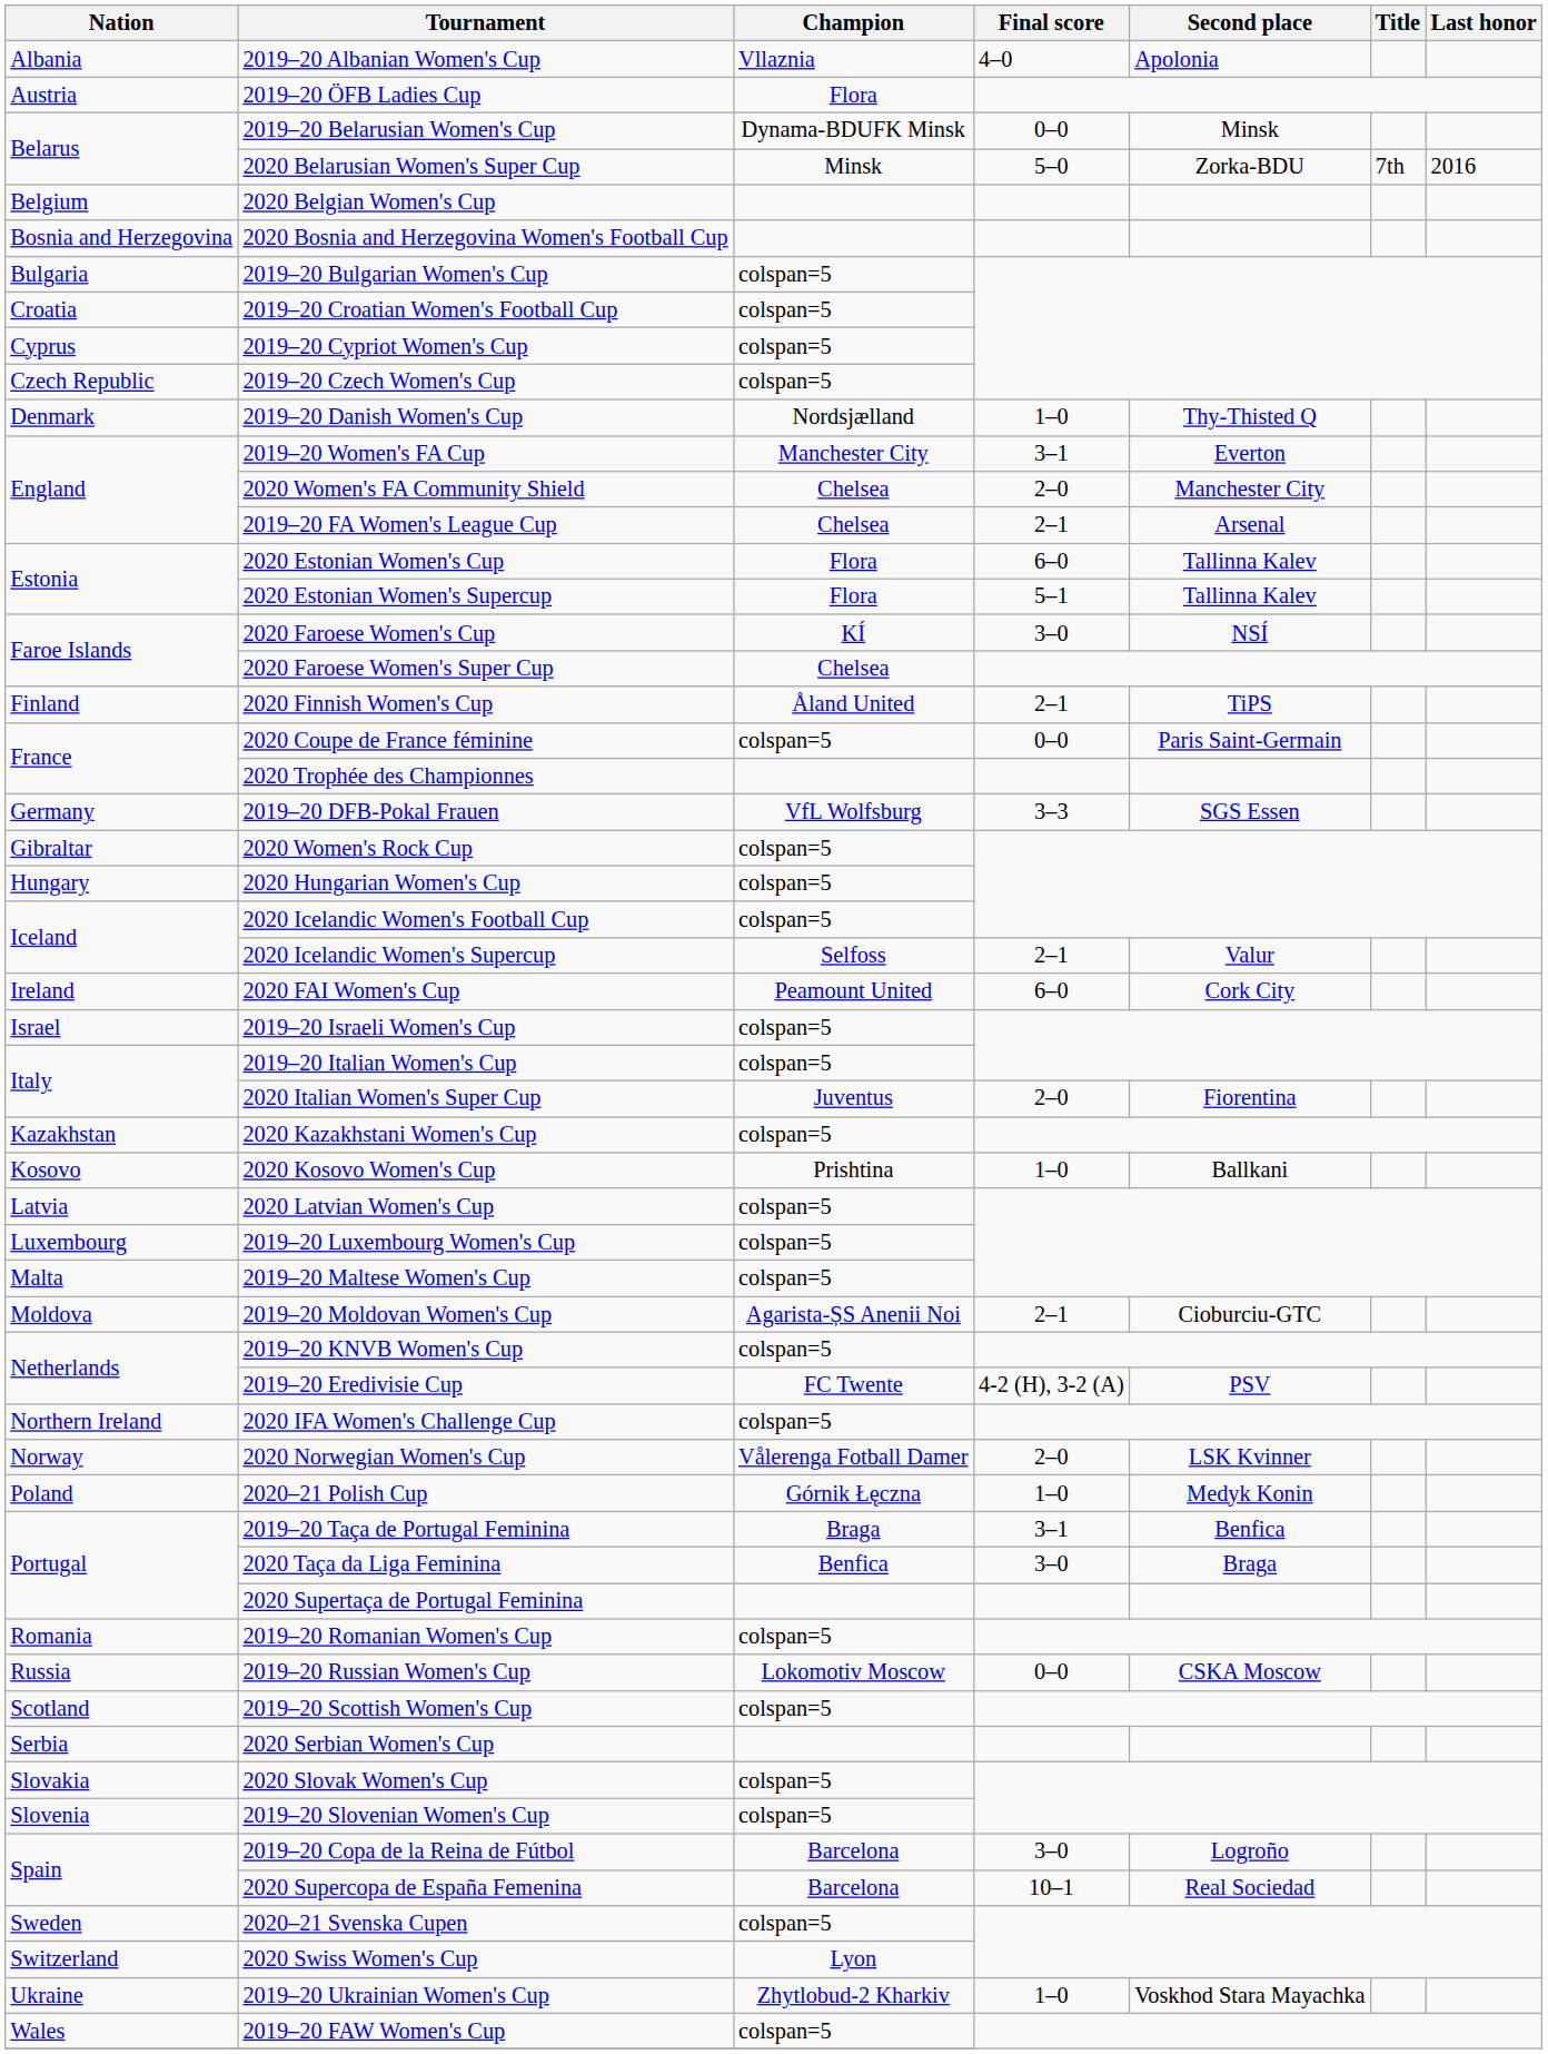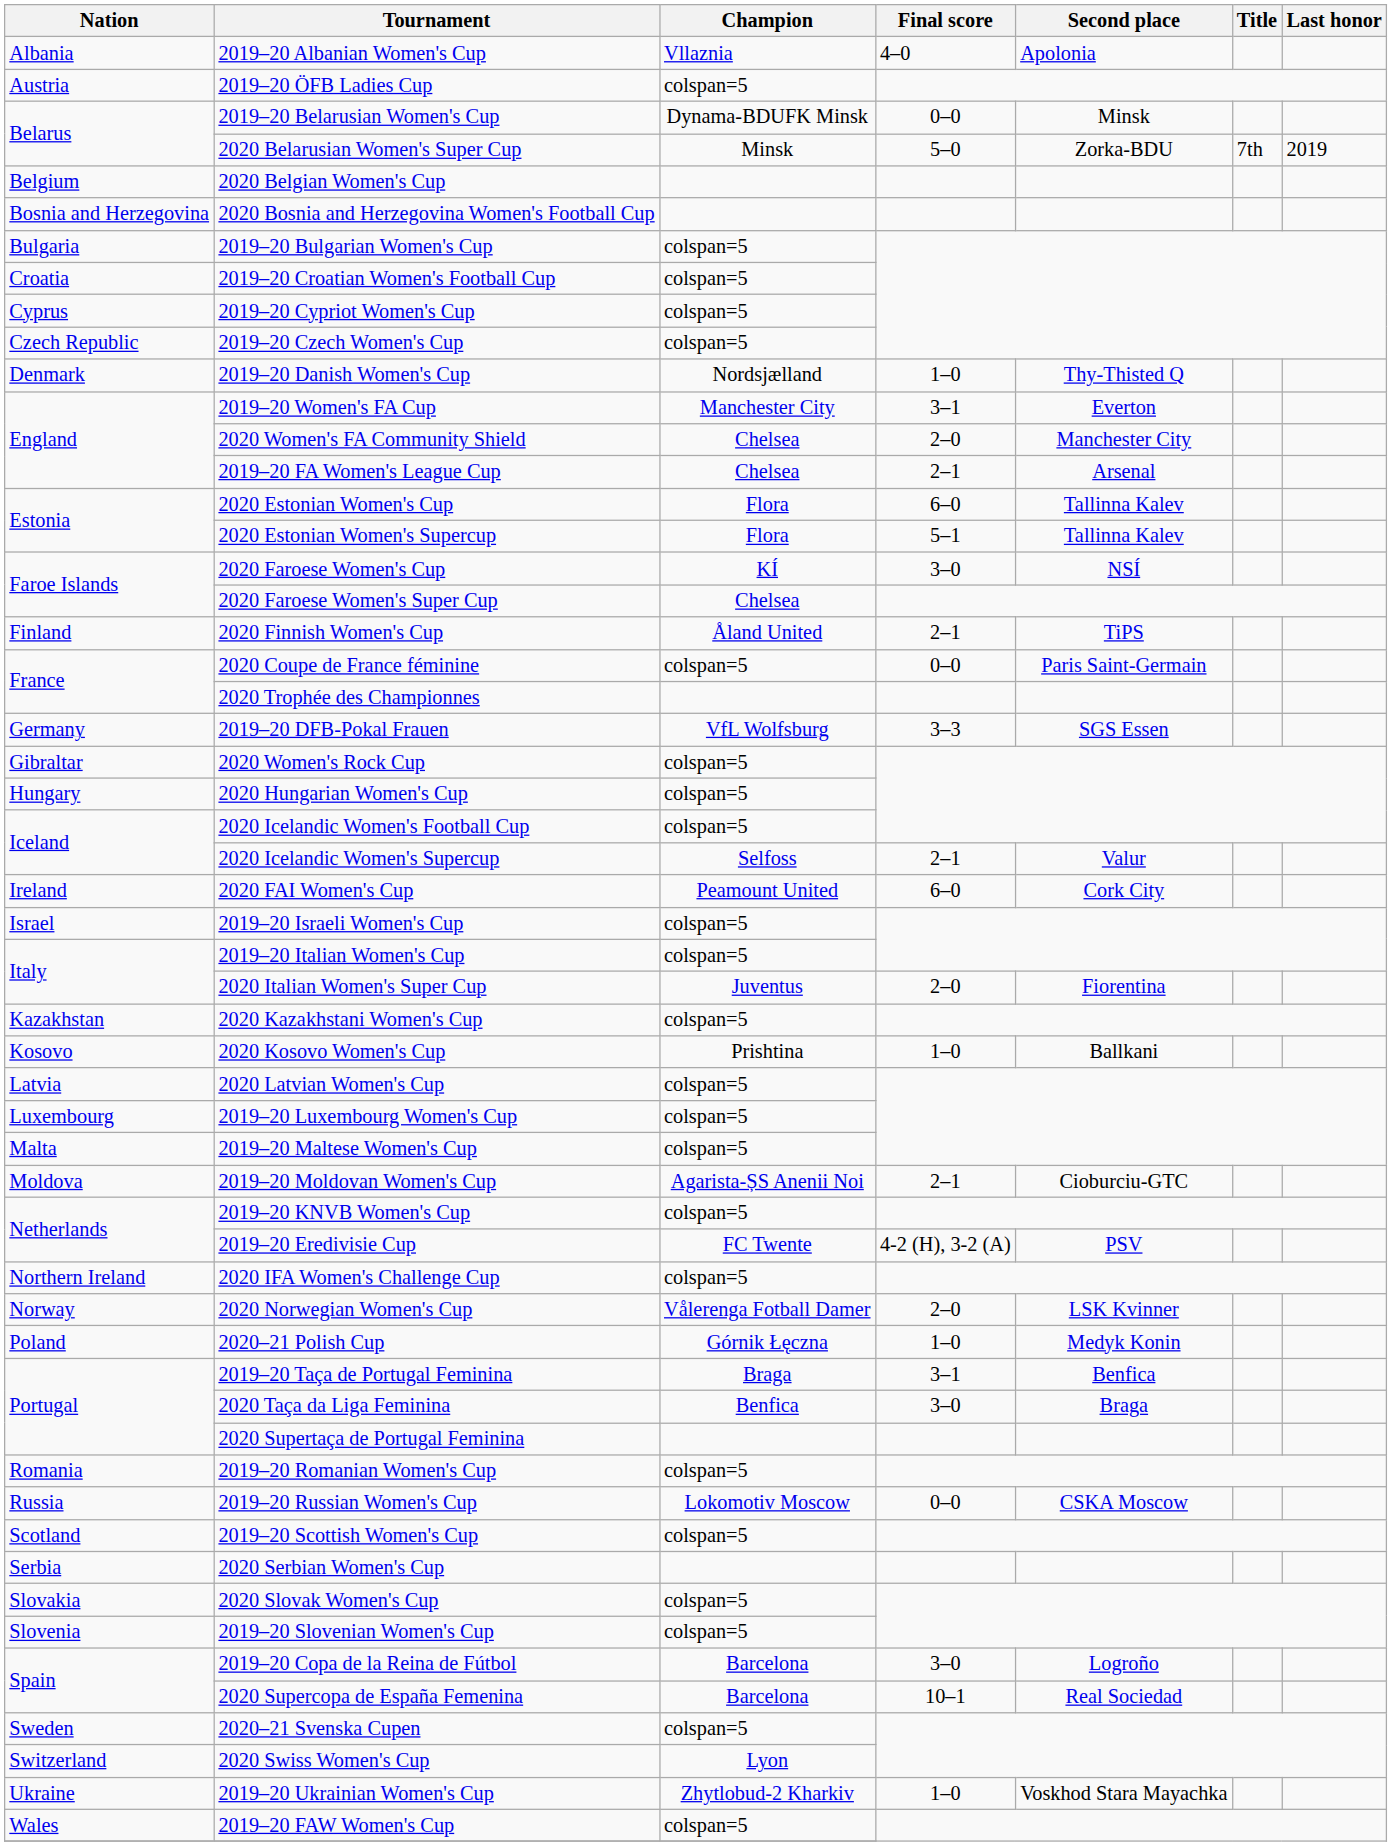 <table class="wikitable sortable">
 <tr>
 <th>Nation</th>
 <th>Tournament</th>
 <th>Champion</th>
 <th>Final score</th>
 <th>Second place</th>
 <th data-sort-type="number">Title</th>
 <th>Last honor</th>
 </tr>
 <tr>
 <td> <a href='#'>Albania</a></td>
 <td><a href='#'>2019–20 Albanian Women's Cup</a></td>
 <td><a href='#'>Vllaznia</a></td>
 <td>4–0</td>
 <td><a href='#'>Apolonia</a></td>
 <td></td>
 <td></td>
 </tr>
 <tr>
 <td> <a href='#'>Austria</a></td>
 <td><a href='#'>2019–20 ÖFB Ladies Cup</a></td>
-<td align=center><a href='#'>Flora</a></td>
+<td>colspan=5 </td>
 </tr>
 <tr>
 <td rowspan=2> <a href='#'>Belarus</a></td>
 <td><a href='#'>2019–20 Belarusian Women's Cup</a></td>
 <td align=center>Dynama-BDUFK Minsk</td>
 <td align=center>0–0  </td>
 <td align=center>Minsk</td>
 <td></td>
 <td></td>
 </tr>
 <tr>
 <td><a href='#'>2020 Belarusian Women's Super Cup</a></td>
 <td align=center>Minsk</td>
 <td align=center>5–0</td>
 <td align=center>Zorka-BDU</td>
 <td>7th</td>
-<td>2016</td>
+<td>2019</td>
 </tr>
 <tr>
 <td> <a href='#'>Belgium</a></td>
 <td><a href='#'>2020 Belgian Women's Cup</a></td>
 <td></td>
 <td></td>
 <td></td>
 <td></td>
 <td></td>
 </tr>
 <tr>
 <td> <a href='#'>Bosnia and Herzegovina</a></td>
 <td><a href='#'>2020 Bosnia and Herzegovina Women's Football Cup</a></td>
 <td></td>
 <td></td>
 <td></td>
 <td></td>
 <td></td>
 </tr>
 <tr>
 <td> <a href='#'>Bulgaria</a></td>
 <td><a href='#'>2019–20 Bulgarian Women's Cup</a></td>
 <td>colspan=5 </td>
 </tr>
 <tr>
 <td> <a href='#'>Croatia</a></td>
 <td><a href='#'>2019–20 Croatian Women's Football Cup</a></td>
 <td>colspan=5 </td>
 </tr>
 <tr>
 <td> <a href='#'>Cyprus</a></td>
 <td><a href='#'>2019–20 Cypriot Women's Cup</a></td>
 <td>colspan=5 </td>
 </tr>
 <tr>
 <td> <a href='#'>Czech Republic</a></td>
 <td><a href='#'>2019–20 Czech Women's Cup</a></td>
 <td>colspan=5 </td>
 </tr>
 <tr>
 <td> <a href='#'>Denmark</a></td>
 <td><a href='#'>2019–20 Danish Women's Cup</a></td>
 <td align=center>Nordsjælland</td>
 <td align=center>1–0</td>
 <td align=center><a href='#'>Thy-Thisted Q</a></td>
 <td></td>
 <td></td>
 </tr>
 <tr>
 <td rowspan=3> <a href='#'>England</a></td>
 <td><a href='#'>2019–20 Women's FA Cup</a></td>
 <td align=center><a href='#'>Manchester City</a></td>
 <td align=center>3–1</td>
 <td align=center><a href='#'>Everton</a></td>
 <td></td>
 <td></td>
 </tr>
 <tr>
 <td><a href='#'>2020 Women's FA Community Shield</a></td>
 <td align=center><a href='#'>Chelsea</a></td>
 <td align=center>2–0</td>
 <td align=center><a href='#'>Manchester City</a></td>
 <td></td>
 <td></td>
 </tr>
 <tr>
 <td><a href='#'>2019–20 FA Women's League Cup</a></td>
 <td align=center><a href='#'>Chelsea</a></td>
 <td align=center>2–1</td>
 <td align=center><a href='#'>Arsenal</a></td>
 <td></td>
 <td></td>
 </tr>
 <tr>
 <td rowspan=2> <a href='#'>Estonia</a></td>
 <td><a href='#'>2020 Estonian Women's Cup</a></td>
 <td align=center><a href='#'>Flora</a></td>
 <td align=center>6–0</td>
 <td align=center><a href='#'>Tallinna Kalev</a></td>
 <td></td>
 <td></td>
 </tr>
 <tr>
 <td><a href='#'>2020 Estonian Women's Supercup</a></td>
 <td align=center><a href='#'>Flora</a></td>
 <td align=center>5–1</td>
 <td align=center><a href='#'>Tallinna Kalev</a></td>
 <td></td>
 <td></td>
 </tr>
 <tr>
 <td rowspan=2> <a href='#'>Faroe Islands</a></td>
 <td><a href='#'>2020 Faroese Women's Cup</a></td>
 <td align=center><a href='#'>KÍ</a></td>
 <td align=center>3–0</td>
 <td align=center><a href='#'>NSÍ</a></td>
 <td></td>
 <td></td>
 </tr>
 <tr>
 <td><a href='#'>2020 Faroese Women's Super Cup</a></td>
 <td align=center><a href='#'>Chelsea</a></td>
 </tr>
 <tr>
 <td> <a href='#'>Finland</a></td>
 <td><a href='#'>2020 Finnish Women's Cup</a></td>
 <td align=center><a href='#'>Åland United</a></td>
 <td align=center>2–1</td>
 <td align=center><a href='#'>TiPS</a></td>
 <td></td>
 <td></td>
 </tr>
 <tr>
 <td rowspan=2> <a href='#'>France</a></td>
 <td><a href='#'>2020 Coupe de France féminine</a></td>
 <td>colspan=5 </td>
 <td align=center>0–0 </td>
 <td align=center><a href='#'>Paris Saint-Germain</a></td>
 <td></td>
 <td></td>
 </tr>
 <tr>
 <td><a href='#'>2020 Trophée des Championnes</a></td>
 <td></td>
 <td></td>
 <td></td>
 <td></td>
 <td></td>
 </tr>
 <tr>
 <td> <a href='#'>Germany</a></td>
 <td><a href='#'>2019–20 DFB-Pokal Frauen</a></td>
 <td align=center><a href='#'>VfL Wolfsburg</a></td>
 <td align=center>3–3  </td>
 <td align=center><a href='#'>SGS Essen</a></td>
 <td></td>
 <td></td>
 </tr>
 <tr>
 <td> <a href='#'>Gibraltar</a></td>
 <td><a href='#'>2020 Women's Rock Cup</a></td>
 <td>colspan=5 </td>
 </tr>
 <tr>
 <td> <a href='#'>Hungary</a></td>
 <td><a href='#'>2020 Hungarian Women's Cup</a></td>
 <td>colspan=5 </td>
 </tr>
 <tr>
 <td rowspan=2> <a href='#'>Iceland</a></td>
 <td><a href='#'>2020 Icelandic Women's Football Cup</a></td>
 <td>colspan=5 </td>
 </tr>
 <tr>
 <td><a href='#'>2020 Icelandic Women's Supercup</a></td>
 <td align=center><a href='#'>Selfoss</a></td>
 <td align=center>2–1</td>
 <td align=center><a href='#'>Valur</a></td>
 <td></td>
 <td></td>
 </tr>
 <tr>
 <td> <a href='#'>Ireland</a></td>
 <td><a href='#'>2020 FAI Women's Cup</a></td>
 <td align=center><a href='#'>Peamount United</a></td>
 <td align=center>6–0</td>
 <td align=center><a href='#'>Cork City</a></td>
 <td></td>
 <td></td>
 </tr>
 <tr>
 <td> <a href='#'>Israel</a></td>
 <td><a href='#'>2019–20 Israeli Women's Cup</a></td>
 <td>colspan=5 </td>
 </tr>
 <tr>
 <td rowspan=2> <a href='#'>Italy</a></td>
 <td><a href='#'>2019–20 Italian Women's Cup</a></td>
 <td>colspan=5 </td>
 </tr>
 <tr>
 <td><a href='#'>2020 Italian Women's Super Cup</a></td>
 <td align=center><a href='#'>Juventus</a></td>
 <td align=center>2–0</td>
 <td align=center><a href='#'>Fiorentina</a></td>
 <td></td>
 <td></td>
 </tr>
 <tr>
 <td> <a href='#'>Kazakhstan</a></td>
 <td><a href='#'>2020 Kazakhstani Women's Cup</a></td>
 <td>colspan=5 </td>
 </tr>
 <tr>
 <td> <a href='#'>Kosovo</a></td>
 <td><a href='#'>2020 Kosovo Women's Cup</a></td>
 <td align=center>Prishtina</td>
 <td align=center>1–0</td>
 <td align=center>Ballkani</td>
 <td></td>
 <td></td>
 </tr>
 <tr>
 <td> <a href='#'>Latvia</a></td>
 <td><a href='#'>2020 Latvian Women's Cup</a></td>
 <td>colspan=5 </td>
 </tr>
 <tr>
 <td> <a href='#'>Luxembourg</a></td>
 <td><a href='#'>2019–20 Luxembourg Women's Cup</a></td>
 <td>colspan=5 </td>
 </tr>
 <tr>
 <td> <a href='#'>Malta</a></td>
 <td><a href='#'>2019–20 Maltese Women's Cup</a></td>
 <td>colspan=5 </td>
 </tr>
 <tr>
 <td> <a href='#'>Moldova</a></td>
 <td><a href='#'>2019–20 Moldovan Women's Cup</a></td>
 <td align=center><a href='#'>Agarista-ȘS Anenii Noi</a></td>
 <td align=center>2–1</td>
 <td align=center>Cioburciu-GTC</td>
 <td></td>
 <td></td>
 </tr>
 <tr>
 <td rowspan=2> <a href='#'>Netherlands</a></td>
 <td><a href='#'>2019–20 KNVB Women's Cup</a></td>
 <td>colspan=5 </td>
 </tr>
 <tr>
 <td><a href='#'>2019–20 Eredivisie Cup</a></td>
 <td align=center><a href='#'>FC Twente</a></td>
 <td align=center>4-2 (H), 3-2 (A)</td>
 <td align=center><a href='#'>PSV</a></td>
 <td></td>
 <td></td>
 </tr>
 <tr>
 <td> <a href='#'>Northern Ireland</a></td>
 <td><a href='#'>2020 IFA Women's Challenge Cup</a></td>
 <td>colspan=5 </td>
 </tr>
 <tr>
 <td> <a href='#'>Norway</a></td>
 <td><a href='#'>2020 Norwegian Women's Cup</a></td>
 <td align=center><a href='#'>Vålerenga Fotball Damer</a></td>
 <td align=center>2–0 </td>
 <td align=center><a href='#'>LSK Kvinner</a></td>
 <td></td>
 <td></td>
 </tr>
 <tr>
 <td> <a href='#'>Poland</a></td>
 <td><a href='#'>2020–21 Polish Cup</a></td>
 <td align=center><a href='#'>Górnik Łęczna</a></td>
 <td align=center>1–0</td>
 <td align=center><a href='#'>Medyk Konin</a></td>
 <td></td>
 <td></td>
 </tr>
 <tr>
 <td rowspan=3> <a href='#'>Portugal</a></td>
 <td><a href='#'>2019–20 Taça de Portugal Feminina</a></td>
 <td align=center><a href='#'>Braga</a></td>
 <td align=center>3–1</td>
 <td align=center><a href='#'>Benfica</a></td>
 <td></td>
 <td></td>
 </tr>
 <tr>
 <td><a href='#'>2020 Taça da Liga Feminina</a></td>
 <td align=center><a href='#'>Benfica</a></td>
 <td align=center>3–0</td>
 <td align=center><a href='#'>Braga</a></td>
 <td></td>
 <td></td>
 </tr>
 <tr>
 <td><a href='#'>2020 Supertaça de Portugal Feminina</a></td>
 <td></td>
 <td></td>
 <td></td>
 <td></td>
 <td></td>
 </tr>
 <tr>
 <td> <a href='#'>Romania</a></td>
 <td><a href='#'>2019–20 Romanian Women's Cup</a></td>
 <td>colspan=5 </td>
 </tr>
 <tr>
 <td> <a href='#'>Russia</a></td>
 <td><a href='#'>2019–20 Russian Women's Cup</a></td>
 <td align=center><a href='#'>Lokomotiv Moscow</a></td>
 <td align=center>0–0 </td>
 <td align=center><a href='#'>CSKA Moscow</a></td>
 <td></td>
 <td></td>
 </tr>
 <tr>
 <td> <a href='#'>Scotland</a></td>
 <td><a href='#'>2019–20 Scottish Women's Cup</a></td>
 <td>colspan=5 </td>
 </tr>
 <tr>
 <td> <a href='#'>Serbia</a></td>
 <td><a href='#'>2020 Serbian Women's Cup</a></td>
 <td></td>
 <td></td>
 <td></td>
 <td></td>
 <td></td>
 </tr>
 <tr>
 <td> <a href='#'>Slovakia</a></td>
 <td><a href='#'>2020 Slovak Women's Cup</a></td>
 <td>colspan=5 </td>
 </tr>
 <tr>
 <td> <a href='#'>Slovenia</a></td>
 <td><a href='#'>2019–20 Slovenian Women's Cup</a></td>
 <td>colspan=5 </td>
 </tr>
 <tr>
 <td rowspan=2> <a href='#'>Spain</a></td>
 <td><a href='#'>2019–20 Copa de la Reina de Fútbol</a></td>
 <td align=center><a href='#'>Barcelona</a></td>
 <td align=center>3–0</td>
 <td align=center><a href='#'>Logroño</a></td>
 <td></td>
 <td></td>
 </tr>
 <tr>
 <td><a href='#'>2020 Supercopa de España Femenina</a></td>
 <td align=center><a href='#'>Barcelona</a></td>
 <td align=center>10–1</td>
 <td align=center><a href='#'>Real Sociedad</a></td>
 <td></td>
 <td></td>
 </tr>
 <tr>
 <td> <a href='#'>Sweden</a></td>
 <td><a href='#'>2020–21 Svenska Cupen</a></td>
 <td>colspan=5 </td>
 </tr>
 <tr>
 <td> <a href='#'>Switzerland</a></td>
 <td><a href='#'>2020 Swiss Women's Cup</a></td>
 <td align=center><a href='#'>Lyon</a></td>
 </tr>
 <tr>
 <td> <a href='#'>Ukraine</a></td>
 <td><a href='#'>2019–20 Ukrainian Women's Cup</a></td>
 <td align=center><a href='#'>Zhytlobud-2 Kharkiv</a></td>
 <td align=center>1–0</td>
 <td align=center>Voskhod Stara Mayachka</td>
 <td></td>
 <td></td>
 </tr>
 <tr>
 <td> <a href='#'>Wales</a></td>
 <td><a href='#'>2019–20 FAW Women's Cup</a></td>
 <td>colspan=5 </td>
 </tr>
 <tr>
 </tr>
 </table>
